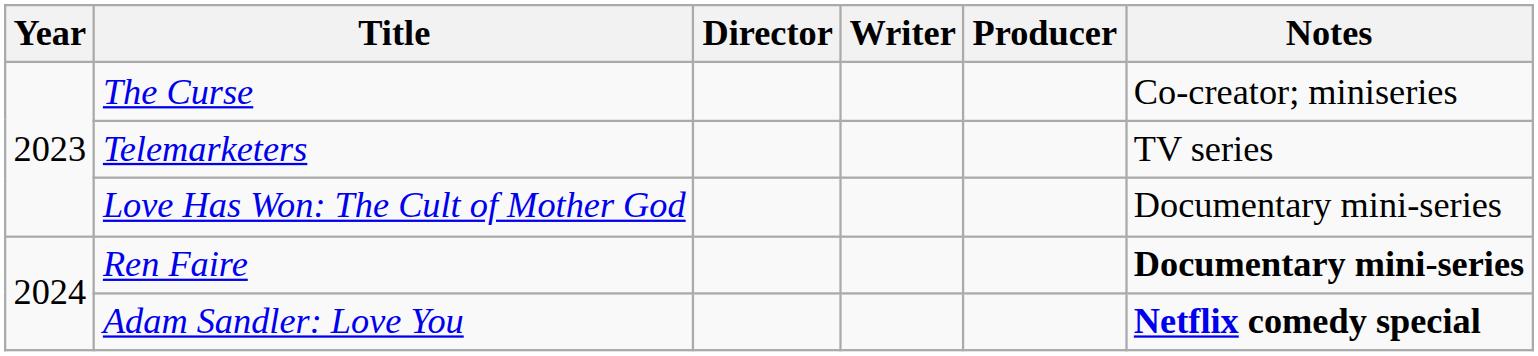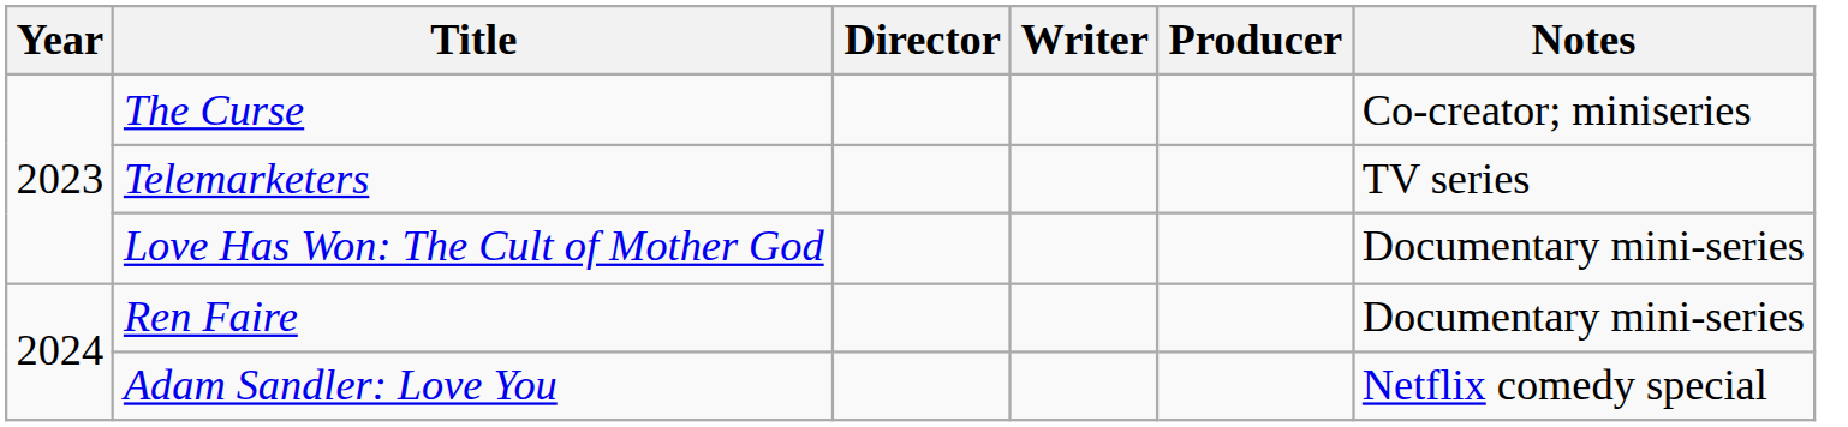 <table class="wikitable plainrowheaders">
 <tr>
 <th>Year</th>
 <th>Title</th>
 <th>Director</th>
 <th>Writer</th>
 <th>Producer</th>
 <th>Notes</th>
 </tr>
 <tr>
 <td rowspan=3>2023</td>
 <td><em><a href='#'>The Curse</a></em></td>
 <td></td>
 <td></td>
 <td></td>
 <td>Co-creator; miniseries</td>
 </tr>
 <tr>
 <td><em><a href='#'>Telemarketers</a></em></td>
 <td></td>
 <td></td>
 <td></td>
 <td>TV series</td>
 </tr>
 <tr>
 <td><em><a href='#'>Love Has Won: The Cult of Mother God</a></em></td>
 <td></td>
 <td></td>
 <td></td>
 <td>Documentary mini-series</td>
 </tr>
 <tr>
 <td rowspan=2>2024</td>
 <td><em><a href='#'>Ren Faire</a></em></td>
 <td></td>
 <td></td>
 <td></td>
-<td><strong>Documentary mini-series</strong></td>
+<td>Documentary mini-series</td>
 </tr>
 <tr>
 <td><em><a href='#'>Adam Sandler: Love You</a></em></td>
 <td></td>
 <td></td>
 <td></td>
-<td><strong><a href='#'>Netflix</a> comedy special</strong></td>
+<td><a href='#'>Netflix</a> comedy special</td>
 </tr>
 </table>
